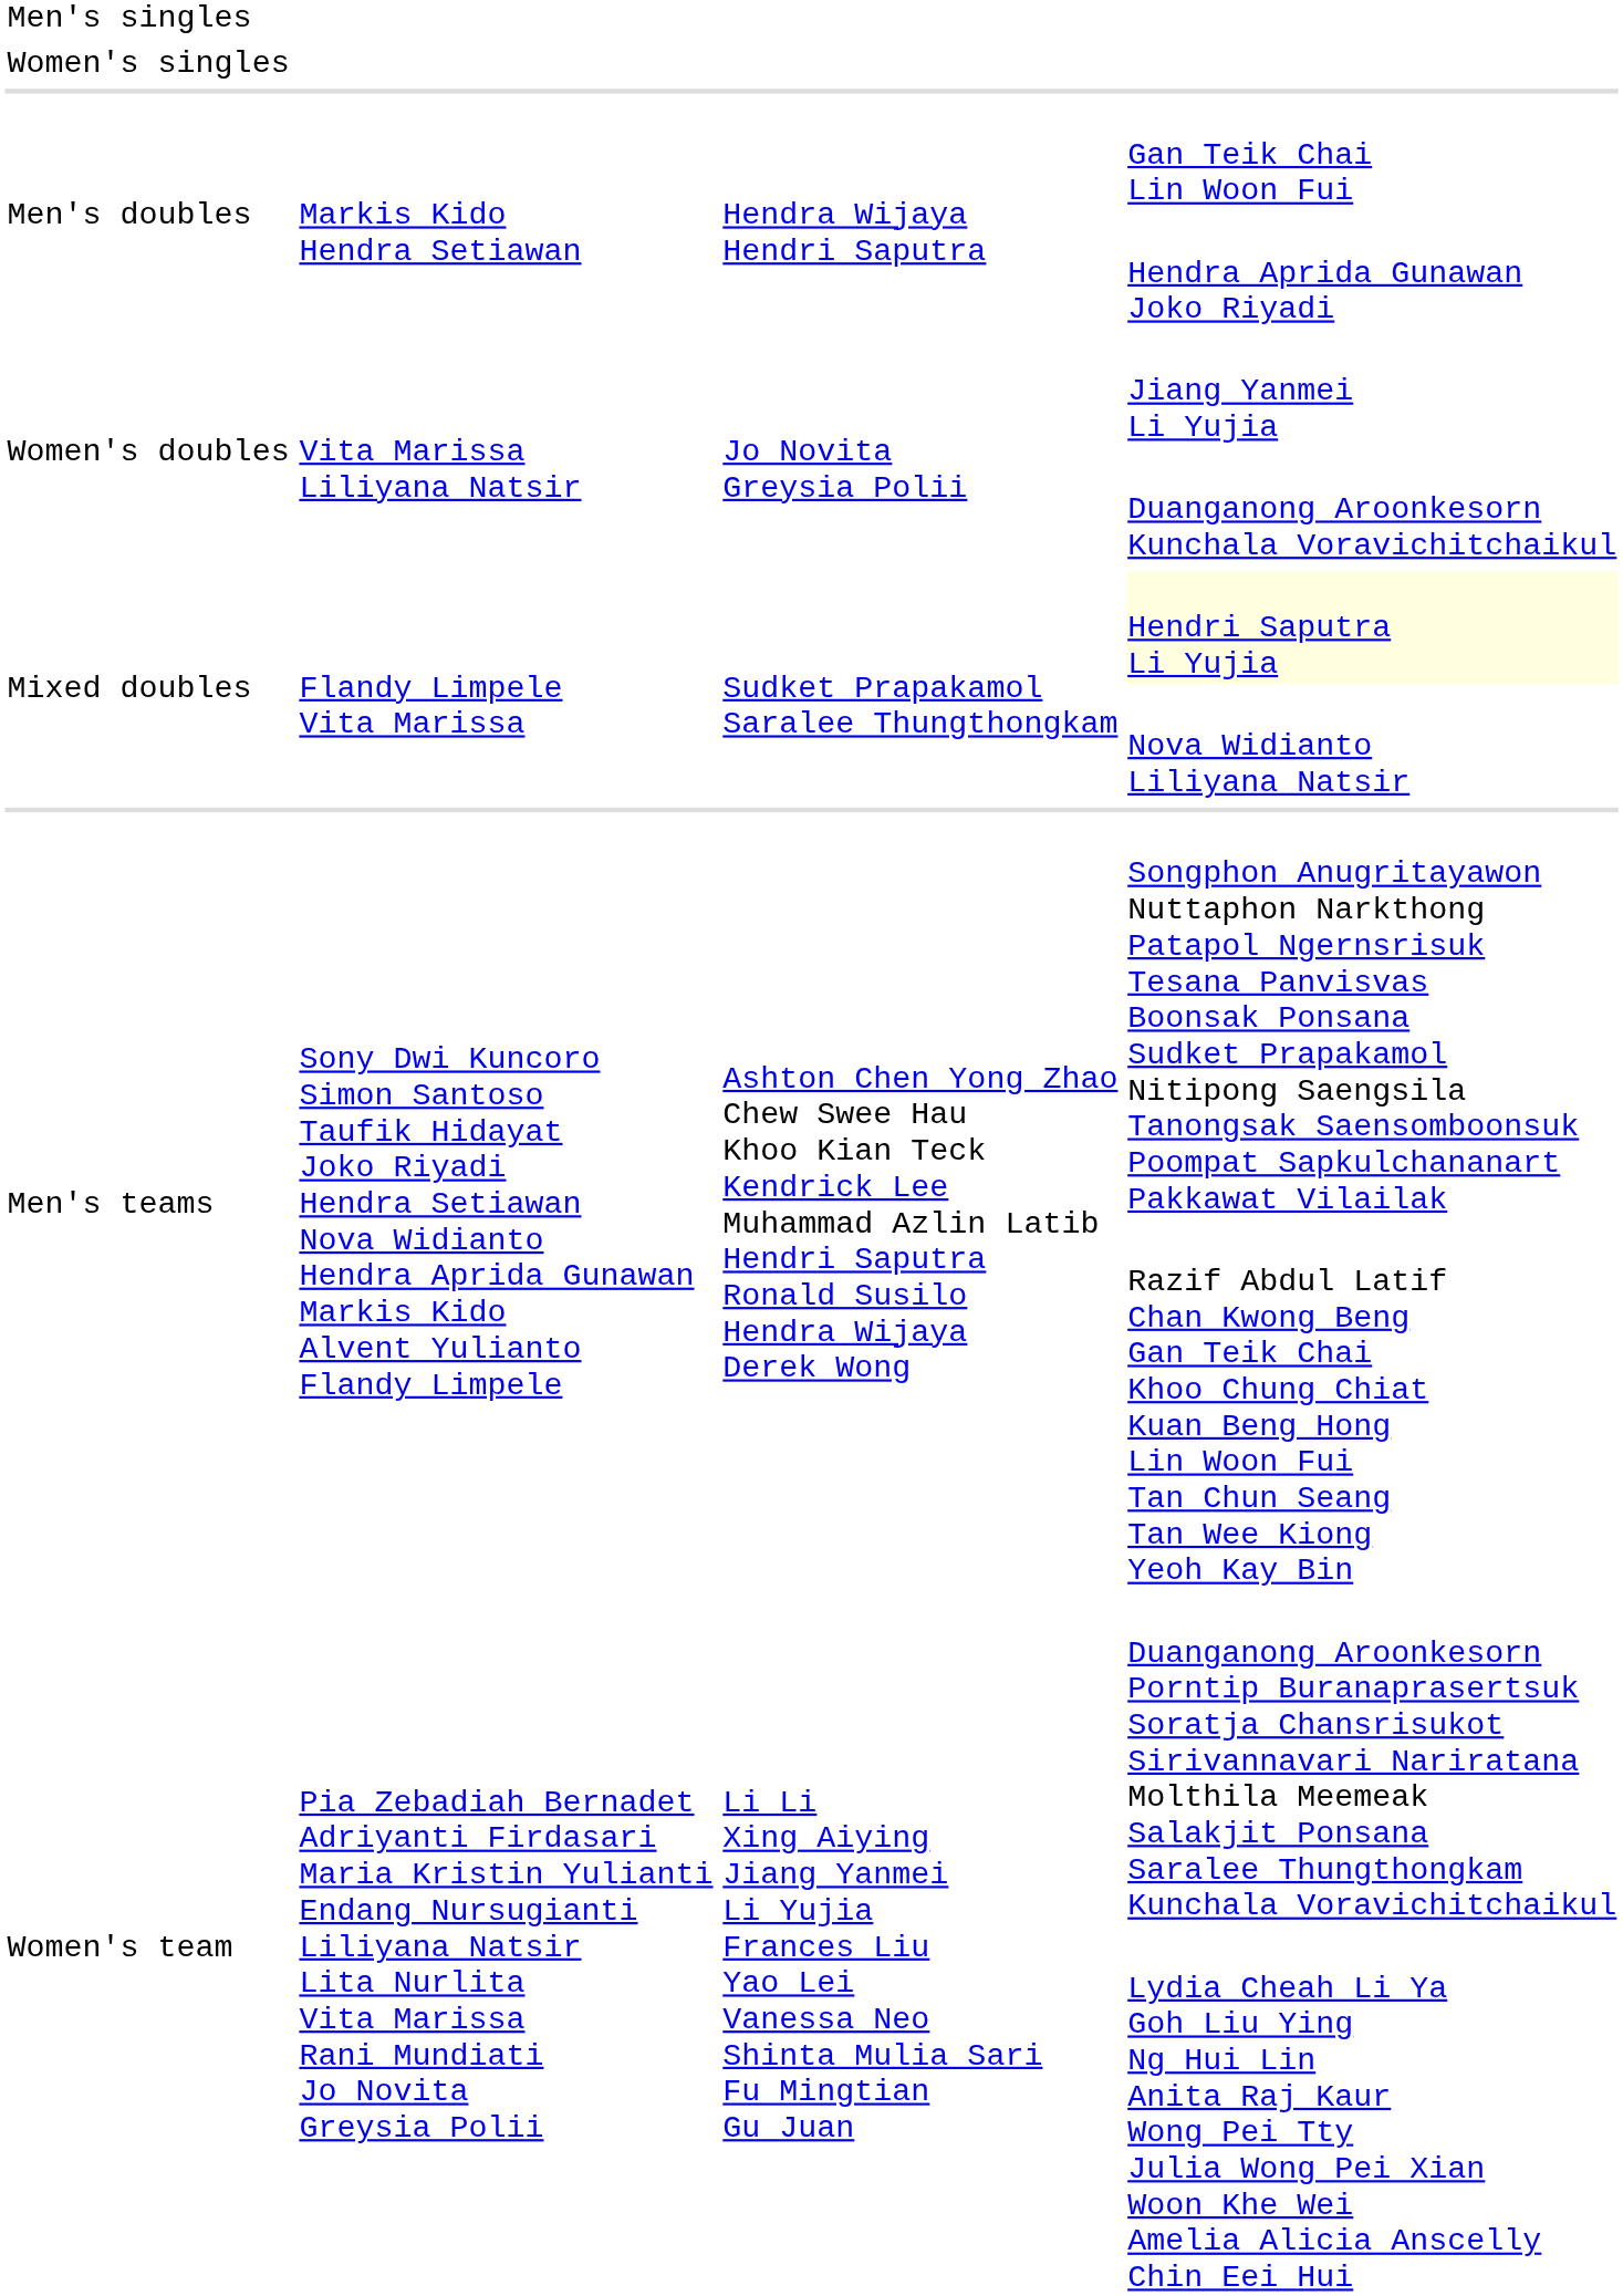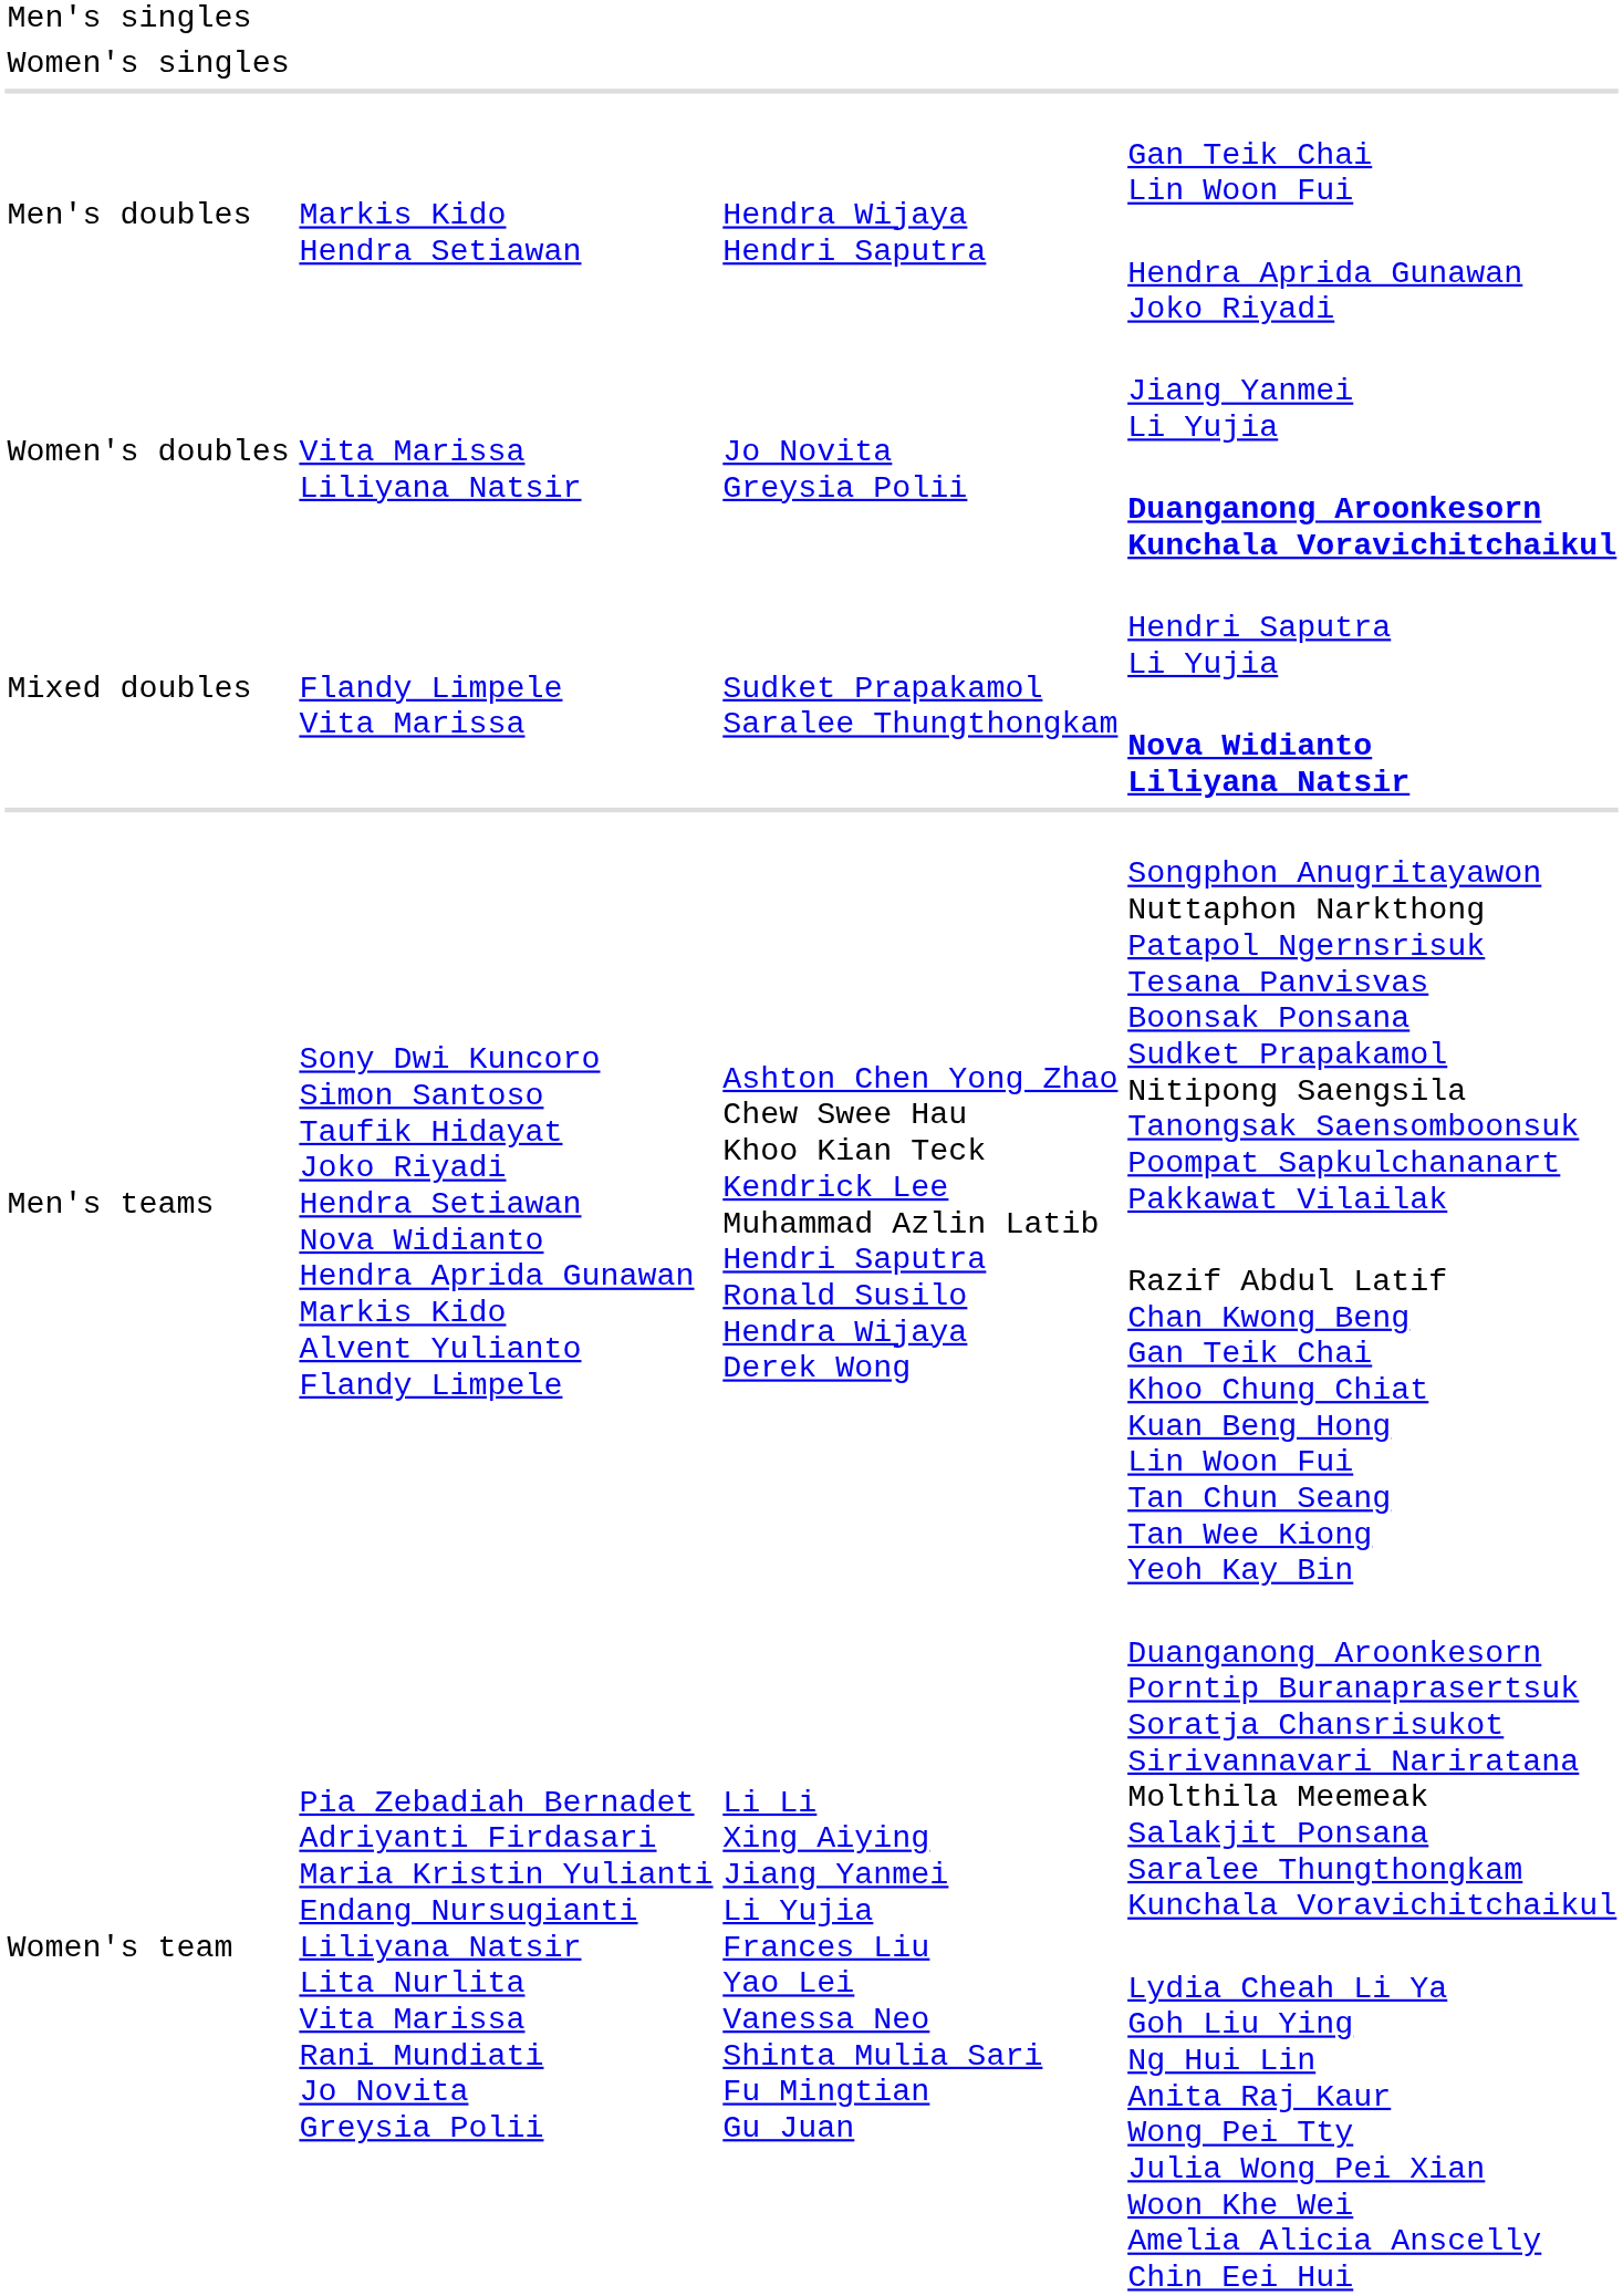 <table>
 <tr>
 <td rowspan=2>Men's singles</td>
 <td rowspan=2></td>
 <td rowspan=2></td>
 <td></td>
 </tr>
 <tr>
 <td></td>
 </tr>
 <tr>
 <td rowspan=2>Women's singles</td>
 <td rowspan=2></td>
 <td rowspan=2></td>
 <td></td>
 </tr>
 <tr>
 <td></td>
 </tr>
 <tr style="background:#dddddd;">
 <td colspan=7></td>
 </tr>
 <tr>
 <td rowspan=2>Men's doubles</td>
 <td rowspan=2><br><a href='#'>Markis Kido</a><br><a href='#'>Hendra Setiawan</a></td>
 <td rowspan=2><br><a href='#'>Hendra Wijaya</a><br><a href='#'>Hendri Saputra</a></td>
 <td><br><a href='#'>Gan Teik Chai</a><br><a href='#'>Lin Woon Fui</a></td>
 </tr>
 <tr>
 <td><br><a href='#'>Hendra Aprida Gunawan</a><br><a href='#'>Joko Riyadi</a></td>
 </tr>
 <tr>
 <td rowspan=2>Women's doubles</td>
 <td rowspan=2><br><a href='#'>Vita Marissa</a><br><a href='#'>Liliyana Natsir</a></td>
 <td rowspan=2><br><a href='#'>Jo Novita</a><br><a href='#'>Greysia Polii</a></td>
 <td><br><a href='#'>Jiang Yanmei</a><br><a href='#'>Li Yujia</a></td>
 </tr>
 <tr>
-<td><br><a href='#'>Duanganong Aroonkesorn</a><br><a href='#'>Kunchala Voravichitchaikul</a></td>
+<td><strong><br><a href='#'>Duanganong Aroonkesorn</a><br><a href='#'>Kunchala Voravichitchaikul</a></strong></td>
 </tr>
 <tr>
 <td rowspan=2>Mixed doubles</td>
 <td rowspan=2><br><a href='#'>Flandy Limpele</a><br><a href='#'>Vita Marissa</a></td>
 <td rowspan=2><br><a href='#'>Sudket Prapakamol</a><br><a href='#'>Saralee Thungthongkam</a></td>
-<td style="background: lightyellow;"><br><a href='#'>Hendri Saputra</a><br><a href='#'>Li Yujia</a></td>
+<td><br><a href='#'>Hendri Saputra</a><br><a href='#'>Li Yujia</a></td>
 </tr>
 <tr>
-<td><br><a href='#'>Nova Widianto</a><br><a href='#'>Liliyana Natsir</a></td>
+<td><strong><br><a href='#'>Nova Widianto</a><br><a href='#'>Liliyana Natsir</a></strong></td>
 </tr>
 <tr style="background:#dddddd;">
 <td colspan=7></td>
 </tr>
 <tr>
 <td rowspan=2>Men's teams</td>
 <td rowspan=2><br><a href='#'>Sony Dwi Kuncoro</a><br><a href='#'>Simon Santoso</a><br><a href='#'>Taufik Hidayat</a><br><a href='#'>Joko Riyadi</a><br><a href='#'>Hendra Setiawan</a><br><a href='#'>Nova Widianto</a><br><a href='#'>Hendra Aprida Gunawan</a><br><a href='#'>Markis Kido</a><br><a href='#'>Alvent Yulianto</a><br><a href='#'>Flandy Limpele</a></td>
 <td rowspan=2><br><a href='#'>Ashton Chen Yong Zhao</a><br>Chew Swee Hau<br>Khoo Kian Teck<br><a href='#'>Kendrick Lee</a><br>Muhammad Azlin Latib<br><a href='#'>Hendri Saputra</a><br><a href='#'>Ronald Susilo</a><br><a href='#'>Hendra Wijaya</a><br><a href='#'>Derek Wong</a></td>
 <td><br><a href='#'>Songphon Anugritayawon</a><br>Nuttaphon Narkthong<br><a href='#'>Patapol Ngernsrisuk</a><br><a href='#'>Tesana Panvisvas</a><br><a href='#'>Boonsak Ponsana</a><br><a href='#'>Sudket Prapakamol</a><br>Nitipong Saengsila<br><a href='#'>Tanongsak Saensomboonsuk</a><br><a href='#'>Poompat Sapkulchananart</a><br><a href='#'>Pakkawat Vilailak</a></td>
 </tr>
 <tr>
 <td><br>Razif Abdul Latif<br><a href='#'>Chan Kwong Beng</a><br><a href='#'>Gan Teik Chai</a><br><a href='#'>Khoo Chung Chiat</a><br><a href='#'>Kuan Beng Hong</a><br><a href='#'>Lin Woon Fui</a><br><a href='#'>Tan Chun Seang</a><br><a href='#'>Tan Wee Kiong</a><br><a href='#'>Yeoh Kay Bin</a></td>
 </tr>
 <tr>
 <td rowspan=2>Women's team</td>
 <td rowspan=2><br><a href='#'>Pia Zebadiah Bernadet</a><br><a href='#'>Adriyanti Firdasari</a><br><a href='#'>Maria Kristin Yulianti</a><br><a href='#'>Endang Nursugianti</a><br><a href='#'>Liliyana Natsir</a><br><a href='#'>Lita Nurlita</a><br><a href='#'>Vita Marissa</a><br><a href='#'>Rani Mundiati</a><br><a href='#'>Jo Novita</a><br><a href='#'>Greysia Polii</a></td>
 <td rowspan=2><br><a href='#'>Li Li</a><br><a href='#'>Xing Aiying</a><br><a href='#'>Jiang Yanmei</a><br><a href='#'>Li Yujia</a><br><a href='#'>Frances Liu</a><br><a href='#'>Yao Lei</a><br><a href='#'>Vanessa Neo</a><br><a href='#'>Shinta Mulia Sari</a><br><a href='#'>Fu Mingtian</a><br><a href='#'>Gu Juan</a></td>
 <td><br><a href='#'>Duanganong Aroonkesorn</a><br><a href='#'>Porntip Buranaprasertsuk</a><br><a href='#'>Soratja Chansrisukot</a><br><a href='#'>Sirivannavari Nariratana</a><br>Molthila Meemeak<br><a href='#'>Salakjit Ponsana</a><br><a href='#'>Saralee Thungthongkam</a><br><a href='#'>Kunchala Voravichitchaikul</a></td>
 </tr>
 <tr>
 <td><br><a href='#'>Lydia Cheah Li Ya</a><br><a href='#'>Goh Liu Ying</a><br><a href='#'>Ng Hui Lin</a><br><a href='#'>Anita Raj Kaur</a><br><a href='#'>Wong Pei Tty</a><br><a href='#'>Julia Wong Pei Xian</a><br><a href='#'>Woon Khe Wei</a><br><a href='#'>Amelia Alicia Anscelly</a><br><a href='#'>Chin Eei Hui</a></td>
 </tr>
 </table>
